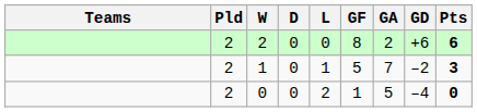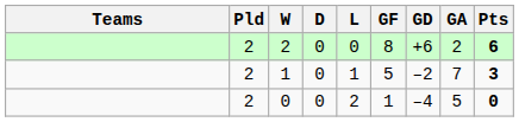 <table class="wikitable" style="text-align: center;">
 <tr>
 <th width=165>Teams</th>
 <th width=20>Pld</th>
 <th width=20>W</th>
 <th width=20>D</th>
 <th width=20>L</th>
 <th width=20>GF</th>
+<th width=20>GD</th>
 <th width=20>GA</th>
-<th width=20>GD</th>
 <th width=20>Pts</th>
 </tr>
 <tr align=center style="background:#ccffcc;">
 <td style="text-align:left;"></td>
 <td>2</td>
 <td>2</td>
 <td>0</td>
 <td>0</td>
 <td>8</td>
+<td>+6</td>
 <td>2</td>
-<td>+6</td>
 <td><strong>6</strong></td>
 </tr>
 <tr align=center>
 <td style="text-align:left;"></td>
 <td>2</td>
 <td>1</td>
 <td>0</td>
 <td>1</td>
 <td>5</td>
+<td>–2</td>
 <td>7</td>
-<td>–2</td>
 <td><strong>3</strong></td>
 </tr>
 <tr align=center>
 <td style="text-align:left;"></td>
 <td>2</td>
 <td>0</td>
 <td>0</td>
 <td>2</td>
 <td>1</td>
+<td>–4</td>
 <td>5</td>
-<td>–4</td>
 <td><strong>0</strong></td>
 </tr>
 </table>
